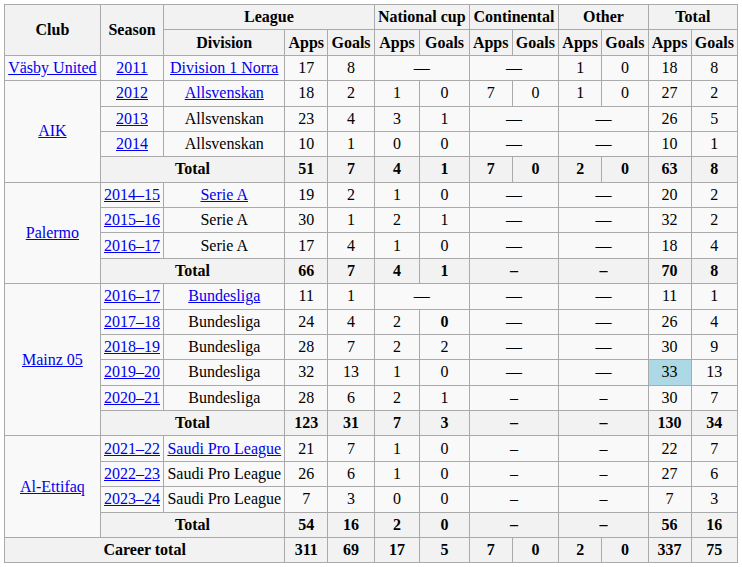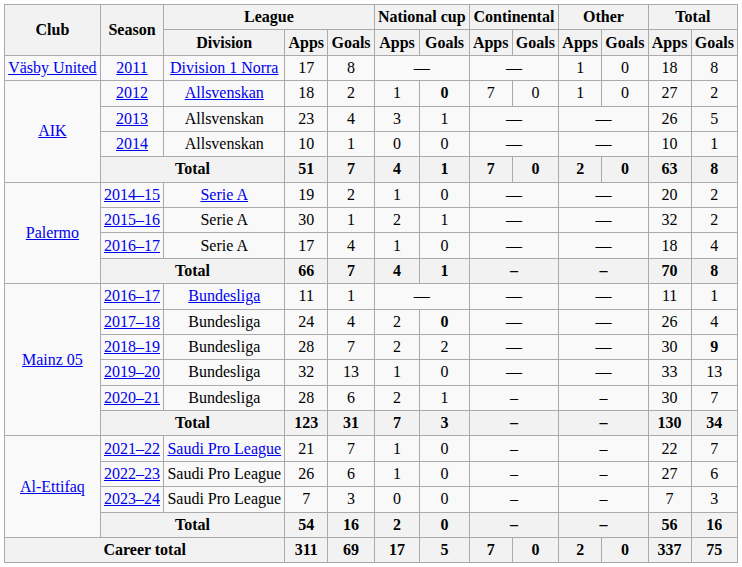 <table class="wikitable" style="text-align:center">
 <tr>
 <th rowspan="2">Club</th>
 <th rowspan="2">Season</th>
 <th colspan="3">League</th>
 <th colspan="2">National cup</th>
 <th colspan="2">Continental</th>
 <th colspan="2">Other</th>
 <th colspan="2">Total</th>
 </tr>
 <tr>
 <th>Division</th>
 <th>Apps</th>
 <th>Goals</th>
 <th>Apps</th>
 <th>Goals</th>
 <th>Apps</th>
 <th>Goals</th>
 <th>Apps</th>
 <th>Goals</th>
 <th>Apps</th>
 <th>Goals</th>
 </tr>
 <tr>
 <td><a href='#'>Väsby United</a></td>
 <td><a href='#'>2011</a></td>
 <td><a href='#'>Division 1 Norra</a></td>
 <td>17</td>
 <td>8</td>
 <td colspan="2">—</td>
 <td colspan="2">—</td>
 <td>1</td>
 <td>0</td>
 <td>18</td>
 <td>8</td>
 </tr>
 <tr>
 <td rowspan="4"><a href='#'>AIK</a></td>
 <td><a href='#'>2012</a></td>
 <td><a href='#'>Allsvenskan</a></td>
 <td>18</td>
 <td>2</td>
 <td>1</td>
-<td>0</td>
+<td><strong>0</strong></td>
 <td>7</td>
 <td>0</td>
 <td>1</td>
 <td>0</td>
 <td>27</td>
 <td>2</td>
 </tr>
 <tr>
 <td><a href='#'>2013</a></td>
 <td>Allsvenskan</td>
 <td>23</td>
 <td>4</td>
 <td>3</td>
 <td>1</td>
 <td colspan="2">—</td>
 <td colspan="2">—</td>
 <td>26</td>
 <td>5</td>
 </tr>
 <tr>
 <td><a href='#'>2014</a></td>
 <td>Allsvenskan</td>
 <td>10</td>
 <td>1</td>
 <td>0</td>
 <td>0</td>
 <td colspan="2">—</td>
 <td colspan="2">—</td>
 <td>10</td>
 <td>1</td>
 </tr>
 <tr>
 <th colspan="2">Total</th>
 <th>51</th>
 <th>7</th>
 <th>4</th>
 <th>1</th>
 <th>7</th>
 <th>0</th>
 <th>2</th>
 <th>0</th>
 <th>63</th>
 <th>8</th>
 </tr>
 <tr>
 <td rowspan="4"><a href='#'>Palermo</a></td>
 <td><a href='#'>2014–15</a></td>
 <td><a href='#'>Serie A</a></td>
 <td>19</td>
 <td>2</td>
 <td>1</td>
 <td>0</td>
 <td colspan="2">—</td>
 <td colspan="2">—</td>
 <td>20</td>
 <td>2</td>
 </tr>
 <tr>
 <td><a href='#'>2015–16</a></td>
 <td>Serie A</td>
 <td>30</td>
 <td>1</td>
 <td>2</td>
 <td>1</td>
 <td colspan="2">—</td>
 <td colspan="2">—</td>
 <td>32</td>
 <td>2</td>
 </tr>
 <tr>
 <td><a href='#'>2016–17</a></td>
 <td>Serie A</td>
 <td>17</td>
 <td>4</td>
 <td>1</td>
 <td>0</td>
 <td colspan="2">—</td>
 <td colspan="2">—</td>
 <td>18</td>
 <td>4</td>
 </tr>
 <tr>
 <th colspan="2">Total</th>
 <th>66</th>
 <th>7</th>
 <th>4</th>
 <th>1</th>
 <th colspan="2">–</th>
 <th colspan="2">–</th>
 <th>70</th>
 <th>8</th>
 </tr>
 <tr>
 <td rowspan="6"><a href='#'>Mainz 05</a></td>
 <td><a href='#'>2016–17</a></td>
 <td><a href='#'>Bundesliga</a></td>
 <td>11</td>
 <td>1</td>
 <td colspan="2">—</td>
 <td colspan="2">—</td>
 <td colspan="2">—</td>
 <td>11</td>
 <td>1</td>
 </tr>
 <tr>
 <td><a href='#'>2017–18</a></td>
 <td>Bundesliga</td>
 <td>24</td>
 <td>4</td>
 <td>2</td>
 <td><strong>0</strong></td>
 <td colspan="2">—</td>
 <td colspan="2">—</td>
 <td>26</td>
 <td>4</td>
 </tr>
 <tr>
 <td><a href='#'>2018–19</a></td>
 <td>Bundesliga</td>
 <td>28</td>
 <td>7</td>
 <td>2</td>
 <td>2</td>
 <td colspan="2">—</td>
 <td colspan="2">—</td>
 <td>30</td>
-<td>9</td>
+<td><strong>9</strong></td>
 </tr>
 <tr>
 <td><a href='#'>2019–20</a></td>
 <td>Bundesliga</td>
 <td>32</td>
 <td>13</td>
 <td>1</td>
 <td>0</td>
 <td colspan="2">—</td>
 <td colspan="2">—</td>
-<td style="background: lightblue;">33</td>
+<td>33</td>
 <td>13</td>
 </tr>
 <tr>
 <td><a href='#'>2020–21</a></td>
 <td>Bundesliga</td>
 <td>28</td>
 <td>6</td>
 <td>2</td>
 <td>1</td>
 <td colspan="2">–</td>
 <td colspan="2">–</td>
 <td>30</td>
 <td>7</td>
 </tr>
 <tr>
 <th colspan="2">Total</th>
 <th>123</th>
 <th>31</th>
 <th>7</th>
 <th>3</th>
 <th colspan="2">–</th>
 <th colspan="2">–</th>
 <th>130</th>
 <th>34</th>
 </tr>
 <tr>
 <td rowspan="4"><a href='#'>Al-Ettifaq</a></td>
 <td><a href='#'>2021–22</a></td>
 <td><a href='#'>Saudi Pro League</a></td>
 <td>21</td>
 <td>7</td>
 <td>1</td>
 <td>0</td>
 <td colspan="2">–</td>
 <td colspan="2">–</td>
 <td>22</td>
 <td>7</td>
 </tr>
 <tr>
 <td><a href='#'>2022–23</a></td>
 <td>Saudi Pro League</td>
 <td>26</td>
 <td>6</td>
 <td>1</td>
 <td>0</td>
 <td colspan="2">–</td>
 <td colspan="2">–</td>
 <td>27</td>
 <td>6</td>
 </tr>
 <tr>
 <td><a href='#'>2023–24</a></td>
 <td>Saudi Pro League</td>
 <td>7</td>
 <td>3</td>
 <td>0</td>
 <td>0</td>
 <td colspan="2">–</td>
 <td colspan="2">–</td>
 <td>7</td>
 <td>3</td>
 </tr>
 <tr>
 <th colspan="2">Total</th>
 <th>54</th>
 <th>16</th>
 <th>2</th>
 <th>0</th>
 <th colspan="2">–</th>
 <th colspan="2">–</th>
 <th>56</th>
 <th>16</th>
 </tr>
 <tr>
 <th colspan="3">Career total</th>
 <th>311</th>
 <th>69</th>
 <th>17</th>
 <th>5</th>
 <th>7</th>
 <th>0</th>
 <th>2</th>
 <th>0</th>
 <th>337</th>
 <th>75</th>
 </tr>
 </table>
